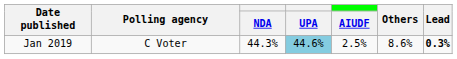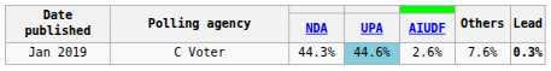 <table class="wikitable sortable" style="text-align:center;font-size:95%;line-height:16px">
 <tr>
 <th rowspan="2" width="100px">Date published</th>
 <th rowspan="2" width="175px">Polling agency</th>
 <th style="background:"></th>
 <th style="background:"></th>
 <th style="background:#00FF00"></th>
 <th rowspan="2" width="50px" class="unsortable">Others</th>
 <th rowspan="2">Lead</th>
 </tr>
 <tr>
 <th width="50px" class="unsortable"><a href='#'>NDA</a></th>
 <th width="50px" class="unsortable"><a href='#'>UPA</a></th>
 <th width="50px" class="unsortable"><a href='#'>AIUDF</a></th>
 </tr>
 <tr>
 <td>Jan 2019</td>
 <td>C Voter</td>
 <td>44.3%</td>
 <td style="background:#84CCE0">44.6%</td>
-<td>2.5%</td>
-<td>8.6%</td>
+<td>2.6%</td>
+<td>7.6%</td>
 <td style="background:"><strong><span>0.3%</span></strong></td>
 </tr>
 </table>
